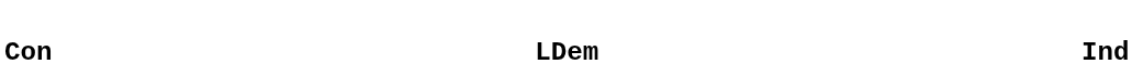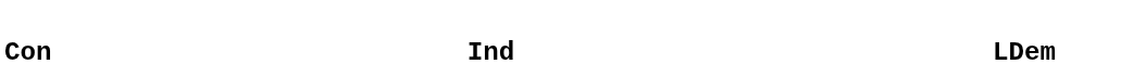 <table style="width:60%; text-align:center;">
 <tr style="color:white;">
 <td style="background:"><strong>31</strong></td>
+<td style="background:"><strong>2</strong></td>
 <td style="background:"><strong>11</strong></td>
-<td style="background:"><strong>2</strong></td>
 </tr>
 <tr>
 <td><span><strong>Con</strong></span></td>
+<td><span><strong>Ind</strong></span></td>
 <td><span><strong>LDem</strong></span></td>
-<td><span><strong>Ind</strong></span></td>
 </tr>
 </table>
